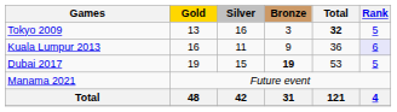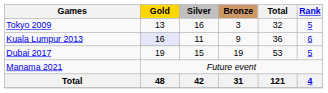 <table class="wikitable" style="text-align:center; font-size:90%;">
 <tr>
 <th style="width:15em;">Games</th>
 <th style="width:4em; background:gold;">Gold</th>
 <th style="width:4em; background:silver;">Silver</th>
 <th style="width:4em; background:#cc9966;">Bronze</th>
 <th style="width:4em;">Total</th>
 <th style="width:2em;"><a href='#'>Rank</a></th>
 </tr>
 <tr>
 <td align=left> <a href='#'>Tokyo 2009</a></td>
 <td>13</td>
 <td>16</td>
 <td>3</td>
-<td><strong>32</strong></td>
+<td>32</td>
 <td><a href='#'>5</a></td>
 </tr>
 <tr>
 <td align=left> <a href='#'>Kuala Lumpur 2013</a></td>
-<td>16</td>
+<td style="background: lavender;">16</td>
 <td>11</td>
 <td>9</td>
 <td>36</td>
-<td style="background: lavender;"><a href='#'>6</a></td>
+<td><a href='#'>6</a></td>
 </tr>
 <tr>
 <td align=left> <a href='#'>Dubai 2017</a></td>
 <td>19</td>
 <td>15</td>
-<td><strong>19</strong></td>
+<td>19</td>
 <td>53</td>
 <td><a href='#'>5</a></td>
 </tr>
 <tr>
 <td align=left> <a href='#'>Manama 2021</a></td>
 <td colspan=5><em>Future event</em></td>
 </tr>
 <tr>
 <th><strong>Total</strong></th>
 <th><strong>48</strong></th>
 <th><strong>42</strong></th>
 <th><strong>31</strong></th>
 <th><strong>121</strong></th>
 <th><strong><a href='#'>4</a></strong></th>
 </tr>
 <tr class="sortbottom">
 </tr>
 </table>
